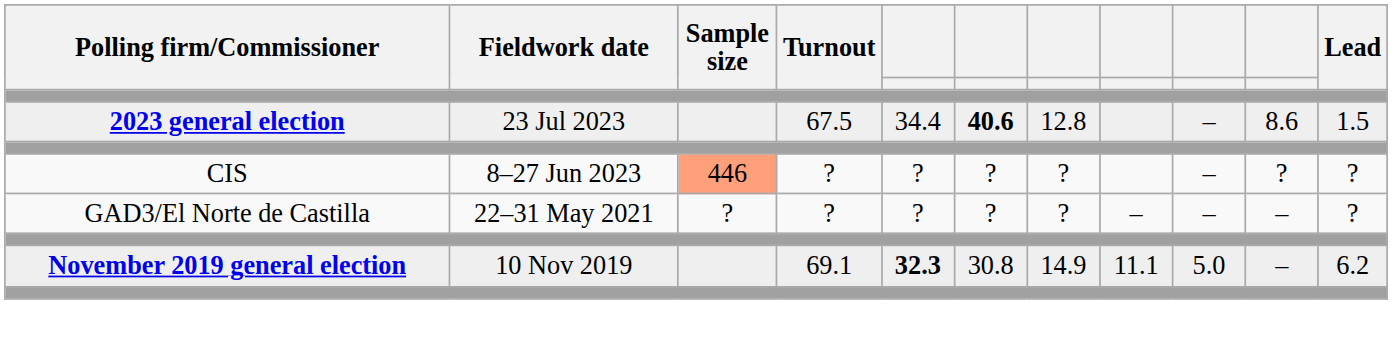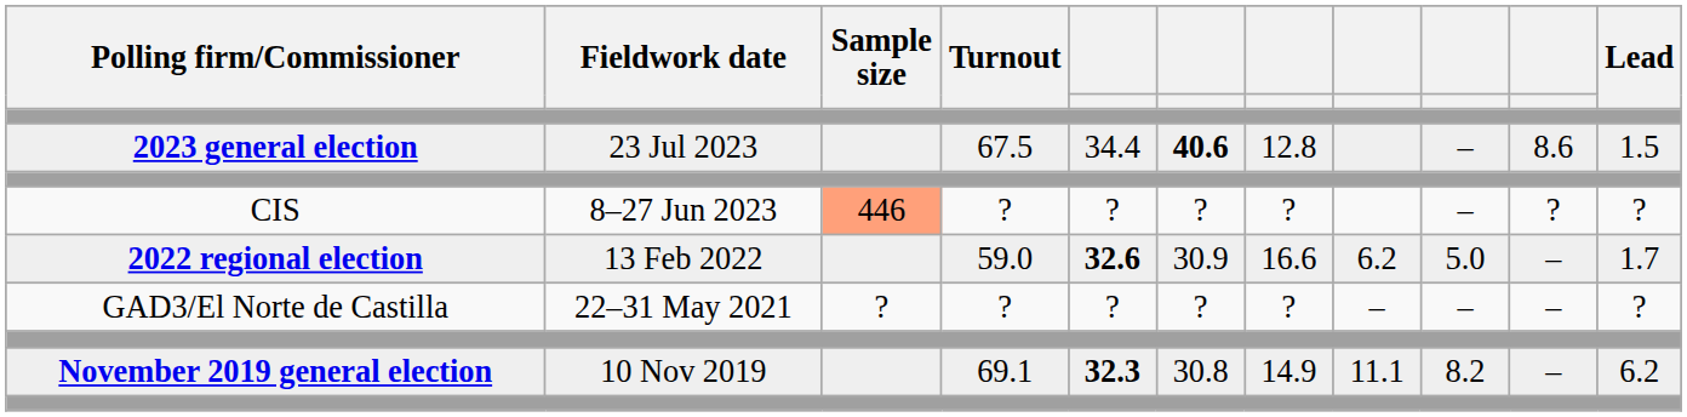 <table class="wikitable collapsible collapsed" style="text-align:center; font-size:95%; line-height:16px;">
 <tr style="height:42px;">
 <th style="width:250px;" rowspan="2">Polling firm/Commissioner</th>
 <th style="width:125px;" rowspan="2">Fieldwork date</th>
 <th style="width:50px;" rowspan="2">Sample size</th>
 <th style="width:45px;" rowspan="2">Turnout</th>
 <th style="width:35px;"></th>
 <th style="width:35px;"></th>
 <th style="width:35px;"></th>
 <th style="width:35px;"></th>
 <th style="width:35px;"></th>
 <th style="width:35px;"></th>
 <th style="width:30px;" rowspan="2">Lead</th>
 </tr>
 <tr>
 <th style="color:inherit;background:"></th>
 <th style="color:inherit;background:"></th>
 <th style="color:inherit;background:"></th>
 <th style="color:inherit;background:"></th>
 <th style="color:inherit;background:"></th>
 <th style="color:inherit;background:"></th>
 </tr>
 <tr>
 <td colspan="11" style="background:#A0A0A0"></td>
 </tr>
 <tr style="background:#EFEFEF;">
 <td><strong><a href='#'>2023 general election</a></strong></td>
 <td>23 Jul 2023</td>
 <td></td>
 <td>67.5</td>
 <td>34.4<br></td>
 <td><strong>40.6</strong><br></td>
 <td>12.8<br></td>
 <td></td>
 <td>–</td>
 <td>8.6<br></td>
 <td style="background:">1.5</td>
 </tr>
 <tr>
 <td colspan="11" style="background:#A0A0A0"></td>
 </tr>
 <tr>
 <td>CIS</td>
 <td>8–27 Jun 2023</td>
 <td style="background: lightsalmon;">446</td>
 <td>?</td>
 <td>?<br></td>
 <td>?<br></td>
 <td>?<br></td>
 <td></td>
 <td>–</td>
 <td>?<br></td>
 <td style="background:">?</td>
 </tr>
+<tr style="background:#EFEFEF;">
+<td><strong><a href='#'>2022 regional election</a></strong></td>
+<td>13 Feb 2022</td>
+<td></td>
+<td>59.0</td>
+<td><strong>32.6</strong><br></td>
+<td>30.9<br></td>
+<td>16.6<br></td>
+<td>6.2<br></td>
+<td>5.0<br></td>
+<td>–</td>
+<td style="background:">1.7</td>
+</tr>
 <tr>
 <td>GAD3/El Norte de Castilla</td>
 <td>22–31 May 2021</td>
 <td>?</td>
 <td>?</td>
 <td>?<br></td>
 <td>?<br></td>
 <td>?<br></td>
 <td>–</td>
 <td>–</td>
 <td>–</td>
 <td style="background:">?</td>
 </tr>
 <tr>
 <td colspan="11" style="background:#A0A0A0"></td>
 </tr>
 <tr style="background:#EFEFEF;">
 <td><strong><a href='#'>November 2019 general election</a></strong></td>
 <td>10 Nov 2019</td>
 <td></td>
 <td>69.1</td>
 <td><strong>32.3</strong><br></td>
 <td>30.8<br></td>
 <td>14.9<br></td>
 <td>11.1<br></td>
-<td>5.0<br></td>
+<td>8.2<br></td>
 <td>–</td>
 <td style="background:">6.2</td>
 </tr>
 <tr>
 <td colspan="11" style="background:#A0A0A0"></td>
 </tr>
 </table>
